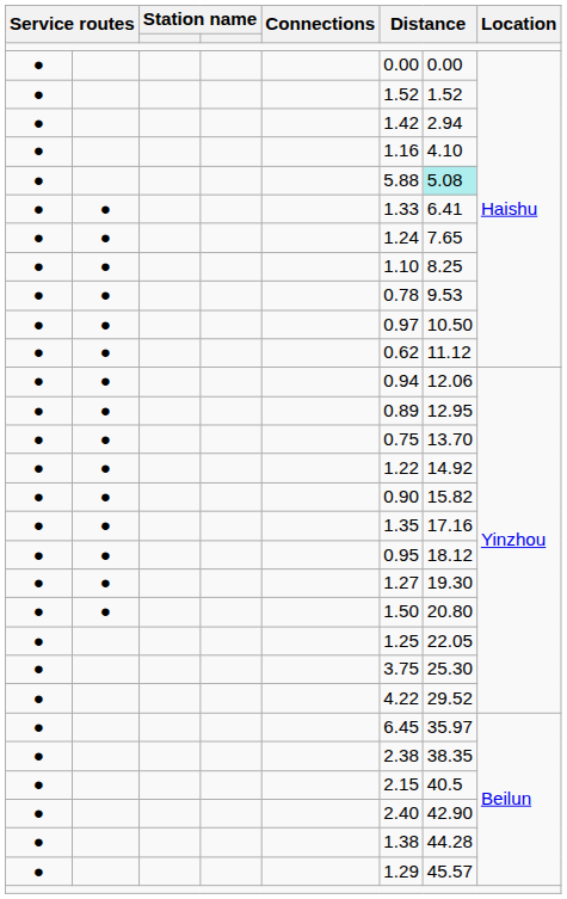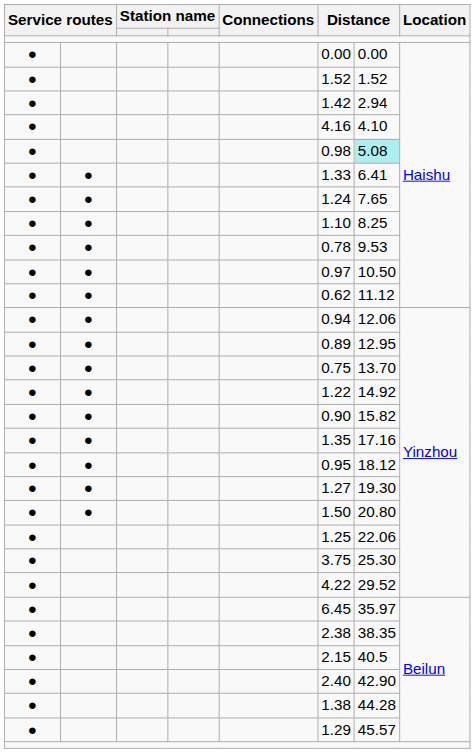 <table class="wikitable">
 <tr>
 <th colspan="2" rowspan="2">Service routes</th>
 <th colspan="2">Station name</th>
 <th rowspan="2">Connections</th>
 <th colspan="2" rowspan="2">Distance<br></th>
 <th rowspan="2">Location</th>
 </tr>
 <tr>
 <th></th>
 <th></th>
 </tr>
 <tr style="background:#">
 <td colspan = "8"></td>
 </tr>
 <tr>
 <td align="center">●</td>
 <td></td>
 <td></td>
 <td></td>
 <td></td>
 <td>0.00</td>
 <td>0.00</td>
 <td rowspan = "11"><a href='#'>Haishu</a></td>
 </tr>
 <tr>
 <td align="center">●</td>
 <td></td>
 <td></td>
 <td></td>
 <td></td>
 <td>1.52</td>
 <td>1.52</td>
 </tr>
 <tr>
 <td align="center">●</td>
 <td></td>
 <td></td>
 <td></td>
 <td></td>
 <td>1.42</td>
 <td>2.94</td>
 </tr>
 <tr>
 <td align="center">●</td>
 <td></td>
 <td></td>
 <td></td>
 <td></td>
-<td>1.16</td>
+<td>4.16</td>
 <td>4.10</td>
 </tr>
 <tr>
 <td align="center">●</td>
 <td></td>
 <td></td>
 <td></td>
 <td></td>
-<td>5.88</td>
+<td>0.98</td>
 <td style="background: paleturquoise;">5.08</td>
 </tr>
 <tr>
 <td align="center">●</td>
 <td align="center">●</td>
 <td></td>
 <td></td>
 <td></td>
 <td>1.33</td>
 <td>6.41</td>
 </tr>
 <tr>
 <td align="center">●</td>
 <td align="center">●</td>
 <td></td>
 <td></td>
 <td></td>
 <td>1.24</td>
 <td>7.65</td>
 </tr>
 <tr>
 <td align="center">●</td>
 <td align="center">●</td>
 <td></td>
 <td></td>
 <td></td>
 <td>1.10</td>
 <td>8.25</td>
 </tr>
 <tr>
 <td align="center">●</td>
 <td align="center">●</td>
 <td></td>
 <td></td>
 <td></td>
 <td>0.78</td>
 <td>9.53</td>
 </tr>
 <tr>
 <td align="center">●</td>
 <td align="center">●</td>
 <td></td>
 <td></td>
 <td></td>
 <td>0.97</td>
 <td>10.50</td>
 </tr>
 <tr>
 <td align="center">●</td>
 <td align="center">●</td>
 <td></td>
 <td></td>
 <td></td>
 <td>0.62</td>
 <td>11.12</td>
 </tr>
 <tr>
 <td align="center">●</td>
 <td align="center">●</td>
 <td></td>
 <td></td>
 <td></td>
 <td>0.94</td>
 <td>12.06</td>
 <td rowspan = "12"><a href='#'>Yinzhou</a></td>
 </tr>
 <tr>
 <td align="center">●</td>
 <td align="center">●</td>
 <td></td>
 <td></td>
 <td></td>
 <td>0.89</td>
 <td>12.95</td>
 </tr>
 <tr>
 <td align="center">●</td>
 <td align="center">●</td>
 <td></td>
 <td></td>
 <td></td>
 <td>0.75</td>
 <td>13.70</td>
 </tr>
 <tr>
 <td align="center">●</td>
 <td align="center">●</td>
 <td></td>
 <td></td>
 <td></td>
 <td>1.22</td>
 <td>14.92</td>
 </tr>
 <tr>
 <td align="center">●</td>
 <td align="center">●</td>
 <td></td>
 <td></td>
 <td></td>
 <td>0.90</td>
 <td>15.82</td>
 </tr>
 <tr>
 <td align="center">●</td>
 <td align="center">●</td>
 <td></td>
 <td></td>
 <td></td>
 <td>1.35</td>
 <td>17.16</td>
 </tr>
 <tr>
 <td align="center">●</td>
 <td align="center">●</td>
 <td></td>
 <td></td>
 <td></td>
 <td>0.95</td>
 <td>18.12</td>
 </tr>
 <tr>
 <td align="center">●</td>
 <td align="center">●</td>
 <td></td>
 <td></td>
 <td></td>
 <td>1.27</td>
 <td>19.30</td>
 </tr>
 <tr>
 <td align="center">●</td>
 <td align="center">●</td>
 <td></td>
 <td></td>
 <td></td>
 <td>1.50</td>
 <td>20.80</td>
 </tr>
 <tr>
 <td align="center">●</td>
 <td></td>
 <td></td>
 <td></td>
 <td></td>
 <td>1.25</td>
-<td>22.05</td>
+<td>22.06</td>
 </tr>
 <tr>
 <td align="center">●</td>
 <td></td>
 <td></td>
 <td></td>
 <td></td>
 <td>3.75</td>
 <td>25.30</td>
 </tr>
 <tr>
 <td align="center">●</td>
 <td></td>
 <td></td>
 <td></td>
 <td></td>
 <td>4.22</td>
 <td>29.52</td>
 </tr>
 <tr>
 <td align="center">●</td>
 <td></td>
 <td></td>
 <td></td>
 <td></td>
 <td>6.45</td>
 <td>35.97</td>
 <td rowspan = "6"><a href='#'>Beilun</a></td>
 </tr>
 <tr>
 <td align="center">●</td>
 <td></td>
 <td></td>
 <td></td>
 <td></td>
 <td>2.38</td>
 <td>38.35</td>
 </tr>
 <tr>
 <td align="center">●</td>
 <td></td>
 <td></td>
 <td></td>
 <td></td>
 <td>2.15</td>
 <td>40.5</td>
 </tr>
 <tr>
 <td align="center">●</td>
 <td></td>
 <td></td>
 <td></td>
 <td></td>
 <td>2.40</td>
 <td>42.90</td>
 </tr>
 <tr>
 <td align="center">●</td>
 <td></td>
 <td></td>
 <td></td>
 <td></td>
 <td>1.38</td>
 <td>44.28</td>
 </tr>
 <tr>
 <td align="center">●</td>
 <td></td>
 <td></td>
 <td></td>
 <td></td>
 <td>1.29</td>
 <td>45.57</td>
 </tr>
 <tr style="background:#">
 <td colspan = "8"></td>
 </tr>
 </table>
